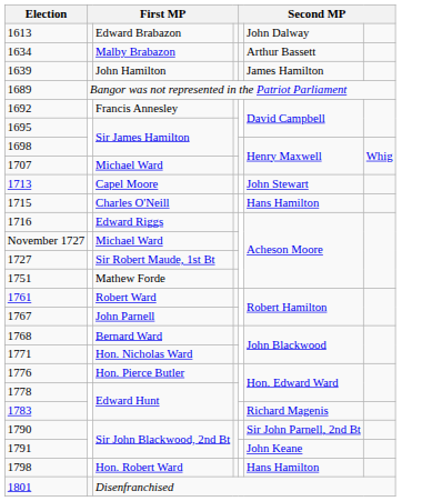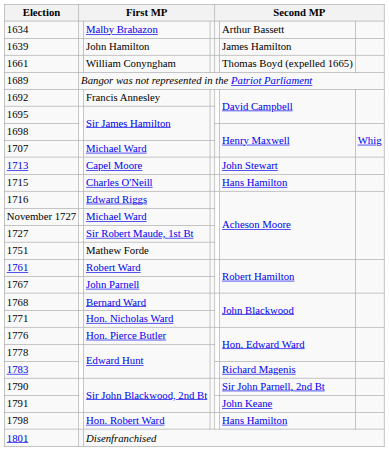 <table class="wikitable">
 <tr>
 <th>Election</th>
 <th colspan=3>First MP</th>
 <th colspan=3>Second MP</th>
-</tr>
-<tr>
-<td>1613</td>
-<td></td>
-<td>Edward Brabazon</td>
-<td></td>
-<td></td>
-<td>John Dalway</td>
-<td></td>
 </tr>
 <tr>
 <td>1634</td>
 <td></td>
 <td><a href='#'>Malby Brabazon</a></td>
 <td></td>
 <td></td>
 <td>Arthur Bassett</td>
 <td></td>
 </tr>
 <tr>
 <td>1639</td>
 <td></td>
 <td>John Hamilton</td>
 <td></td>
 <td></td>
 <td>James Hamilton</td>
+<td></td>
+</tr>
+<tr>
+<td>1661</td>
+<td></td>
+<td>William Conyngham</td>
+<td></td>
+<td></td>
+<td>Thomas Boyd (expelled 1665)</td>
 <td></td>
 </tr>
 <tr>
 <td>1689</td>
 <td colspan="6"><em>Bangor was not represented in the <a href='#'>Patriot Parliament</a></em></td>
 </tr>
 <tr>
 <td>1692</td>
 <td style="background-color: white"></td>
 <td>Francis Annesley</td>
 <td></td>
 <td rowspan="2" style="background-color: white"></td>
 <td rowspan="2"><a href='#'>David Campbell</a></td>
 <td rowspan="2"></td>
 </tr>
 <tr>
 <td>1695</td>
 <td rowspan="2" style="background-color: white"></td>
 <td rowspan="2"><a href='#'>Sir James Hamilton</a> </td>
 <td rowspan="2"></td>
 </tr>
 <tr>
 <td>1698</td>
 <td rowspan="2"></td>
 <td rowspan="2"><a href='#'>Henry Maxwell</a></td>
 <td rowspan="2"><a href='#'>Whig</a></td>
 </tr>
 <tr>
 <td>1707</td>
 <td style="background-color: white"></td>
 <td><a href='#'>Michael Ward</a></td>
 <td></td>
 </tr>
 <tr>
 <td><a href='#'>1713</a></td>
 <td style="background-color: white"></td>
 <td><a href='#'>Capel Moore</a></td>
 <td></td>
 <td style="background-color: white"></td>
 <td><a href='#'>John Stewart</a></td>
 <td></td>
 </tr>
 <tr>
 <td>1715</td>
 <td style="background-color: white"></td>
 <td><a href='#'>Charles O'Neill</a></td>
 <td></td>
 <td style="background-color: white"></td>
 <td><a href='#'>Hans Hamilton</a></td>
 <td></td>
 </tr>
 <tr>
 <td>1716</td>
 <td style="background-color: white"></td>
 <td><a href='#'>Edward Riggs</a></td>
 <td></td>
 <td rowspan="4" style="background-color: white"></td>
 <td rowspan="4"><a href='#'>Acheson Moore</a></td>
 <td rowspan="4"></td>
 </tr>
 <tr>
 <td>November 1727</td>
 <td style="background-color: white"></td>
 <td><a href='#'>Michael Ward</a></td>
 <td></td>
 </tr>
 <tr>
 <td>1727</td>
 <td style="background-color: white"></td>
 <td><a href='#'>Sir Robert Maude, 1st Bt</a></td>
 <td></td>
 </tr>
 <tr>
 <td>1751</td>
 <td style="background-color: white"></td>
 <td>Mathew Forde</td>
 <td></td>
 </tr>
 <tr>
 <td><a href='#'>1761</a></td>
 <td style="background-color: white"></td>
 <td><a href='#'>Robert Ward</a></td>
 <td></td>
 <td rowspan="2" style="background-color: white"></td>
 <td rowspan="2"><a href='#'>Robert Hamilton</a></td>
 <td rowspan="2"></td>
 </tr>
 <tr>
 <td>1767</td>
 <td style="background-color: white"></td>
 <td><a href='#'>John Parnell</a></td>
 <td></td>
 </tr>
 <tr>
 <td>1768</td>
 <td style="background-color: white"></td>
 <td><a href='#'>Bernard Ward</a></td>
 <td></td>
 <td rowspan="2" style="background-color: white"></td>
 <td rowspan="2"><a href='#'>John Blackwood</a></td>
 <td rowspan="2"></td>
 </tr>
 <tr>
 <td>1771</td>
 <td style="background-color: white"></td>
 <td><a href='#'>Hon. Nicholas Ward</a></td>
 <td></td>
 </tr>
 <tr>
 <td>1776</td>
 <td style="background-color: white"></td>
 <td><a href='#'>Hon. Pierce Butler</a></td>
 <td></td>
 <td rowspan="2" style="background-color: white"></td>
 <td rowspan="2"><a href='#'>Hon. Edward Ward</a></td>
 <td rowspan="2"></td>
 </tr>
 <tr>
 <td>1778</td>
 <td rowspan="2" style="background-color: white"></td>
 <td rowspan="2"><a href='#'>Edward Hunt</a></td>
 <td rowspan="2"></td>
 </tr>
 <tr>
 <td><a href='#'>1783</a></td>
 <td style="background-color: white"></td>
 <td><a href='#'>Richard Magenis</a></td>
 <td></td>
 </tr>
 <tr>
 <td>1790</td>
 <td rowspan="2" style="background-color: white"></td>
 <td rowspan="2"><a href='#'>Sir John Blackwood, 2nd Bt</a></td>
 <td rowspan="2"></td>
 <td style="background-color: white"></td>
 <td><a href='#'>Sir John Parnell, 2nd Bt</a></td>
 <td></td>
 </tr>
 <tr>
 <td>1791</td>
 <td style="background-color: white"></td>
 <td><a href='#'>John Keane</a></td>
 <td></td>
 </tr>
 <tr>
 <td>1798</td>
 <td style="background-color: white"></td>
 <td><a href='#'>Hon. Robert Ward</a></td>
 <td></td>
 <td style="background-color: white"></td>
 <td><a href='#'>Hans Hamilton</a></td>
 <td></td>
 </tr>
 <tr>
 <td><a href='#'>1801</a></td>
 <td></td>
 <td colspan="5"><em>Disenfranchised</em></td>
 </tr>
 </table>
